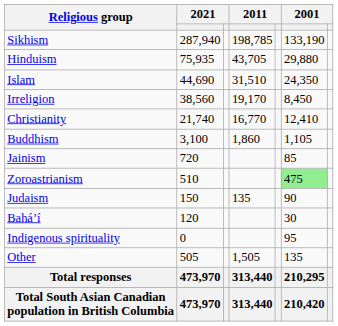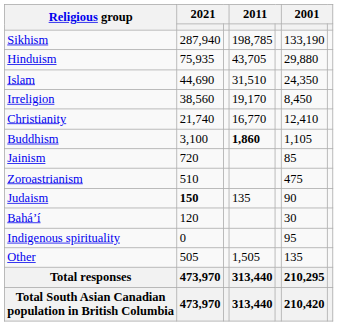 <table class="wikitable sortable">
 <tr>
 <th rowspan="2"><a href='#'>Religious</a> group</th>
 <th colspan="2">2021</th>
 <th colspan="2">2011</th>
 <th colspan="2">2001</th>
 </tr>
 <tr>
 <th><a href='#'></a></th>
 <th></th>
 <th></th>
 <th></th>
 <th></th>
 <th></th>
 </tr>
 <tr>
 <td><a href='#'>Sikhism</a></td>
 <td>287,940</td>
 <td></td>
 <td>198,785</td>
 <td></td>
 <td>133,190</td>
 <td></td>
 </tr>
 <tr>
 <td><a href='#'>Hinduism</a></td>
 <td>75,935</td>
 <td></td>
 <td>43,705</td>
 <td></td>
 <td>29,880</td>
 <td></td>
 </tr>
 <tr>
 <td><a href='#'>Islam</a></td>
 <td>44,690</td>
 <td></td>
 <td>31,510</td>
 <td></td>
 <td>24,350</td>
 <td></td>
 </tr>
 <tr>
 <td><a href='#'>Irreligion</a></td>
 <td>38,560</td>
 <td></td>
 <td>19,170</td>
 <td></td>
 <td>8,450</td>
 <td></td>
 </tr>
 <tr>
 <td><a href='#'>Christianity</a></td>
 <td>21,740</td>
 <td></td>
 <td>16,770</td>
 <td></td>
 <td>12,410</td>
 <td></td>
 </tr>
 <tr>
 <td><a href='#'>Buddhism</a></td>
 <td>3,100</td>
 <td></td>
-<td>1,860</td>
+<td><strong>1,860</strong></td>
 <td></td>
 <td>1,105</td>
 <td></td>
 </tr>
 <tr>
 <td><a href='#'>Jainism</a></td>
 <td>720</td>
 <td></td>
 <td></td>
 <td></td>
 <td>85</td>
 <td></td>
 </tr>
 <tr>
 <td><a href='#'>Zoroastrianism</a></td>
 <td>510</td>
 <td></td>
 <td></td>
 <td></td>
-<td style="background: lightgreen;">475</td>
+<td>475</td>
 <td></td>
 </tr>
 <tr>
 <td><a href='#'>Judaism</a></td>
-<td>150</td>
+<td><strong>150</strong></td>
 <td></td>
 <td>135</td>
 <td></td>
 <td>90</td>
 <td></td>
 </tr>
 <tr>
 <td><a href='#'>Baháʼí</a></td>
 <td>120</td>
 <td></td>
 <td></td>
 <td></td>
 <td>30</td>
 <td></td>
 </tr>
 <tr>
 <td><a href='#'>Indigenous spirituality</a></td>
 <td>0</td>
 <td></td>
 <td></td>
 <td></td>
 <td>95</td>
 <td></td>
 </tr>
 <tr>
 <td><a href='#'>Other</a></td>
 <td>505</td>
 <td></td>
 <td>1,505</td>
 <td></td>
 <td>135</td>
 <td></td>
 </tr>
 <tr>
 <th>Total responses</th>
 <th>473,970</th>
 <th></th>
 <th>313,440</th>
 <th></th>
 <th>210,295</th>
 <th></th>
 </tr>
 <tr>
 <th>Total South Asian Canadian<br>population in British Columbia</th>
 <th>473,970</th>
 <th></th>
 <th>313,440</th>
 <th></th>
 <th>210,420</th>
 <th></th>
 </tr>
 </table>
